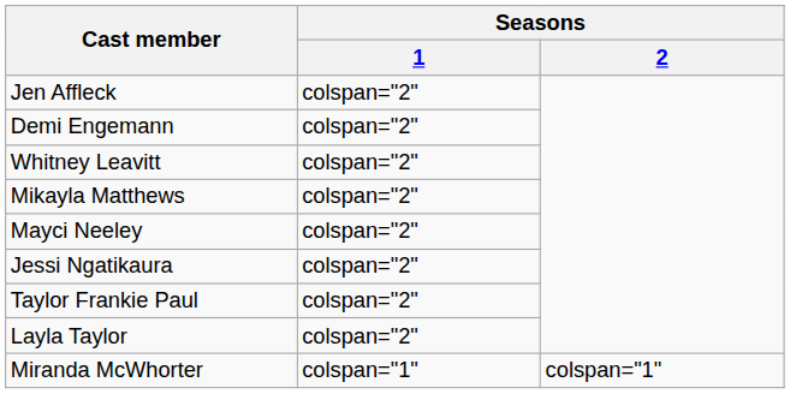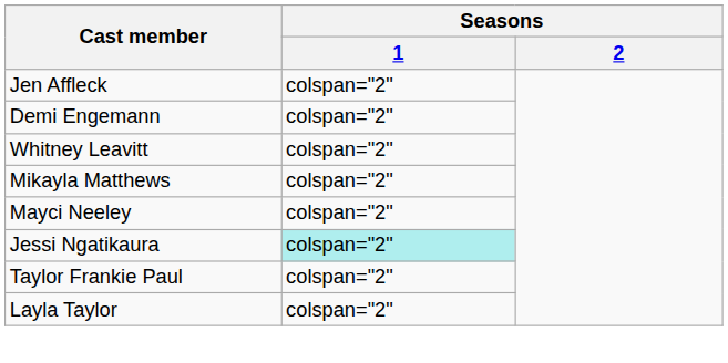 <table class="wikitable plainrowheaders" style="width:45%;">
 <tr>
 <th rowspan="2" style="width:10%;">Cast member</th>
 <th colspan="2">Seasons</th>
 </tr>
 <tr>
 <th style="width:12.5%;"><a href='#'>1</a></th>
 <th style="width:12.5%;"><a href='#'>2</a></th>
 </tr>
 <tr>
 <td>Jen Affleck</td>
 <td>colspan="2" </td>
 </tr>
 <tr>
 <td>Demi Engemann</td>
 <td>colspan="2" </td>
 </tr>
 <tr>
 <td>Whitney Leavitt</td>
 <td>colspan="2" </td>
 </tr>
 <tr>
 <td>Mikayla Matthews</td>
 <td>colspan="2" </td>
 </tr>
 <tr>
 <td>Mayci Neeley</td>
 <td>colspan="2" </td>
 </tr>
 <tr>
 <td>Jessi Ngatikaura</td>
-<td>colspan="2" </td>
+<td style="background: paleturquoise;">colspan="2" </td>
 </tr>
 <tr>
 <td nowrap>Taylor Frankie Paul</td>
 <td>colspan="2" </td>
 </tr>
 <tr>
 <td>Layla Taylor</td>
 <td>colspan="2" </td>
 </tr>
-<tr>
-<td>Miranda McWhorter</td>
-<td>colspan="1" </td>
-<td>colspan="1" </td>
-</tr>
 </table>
